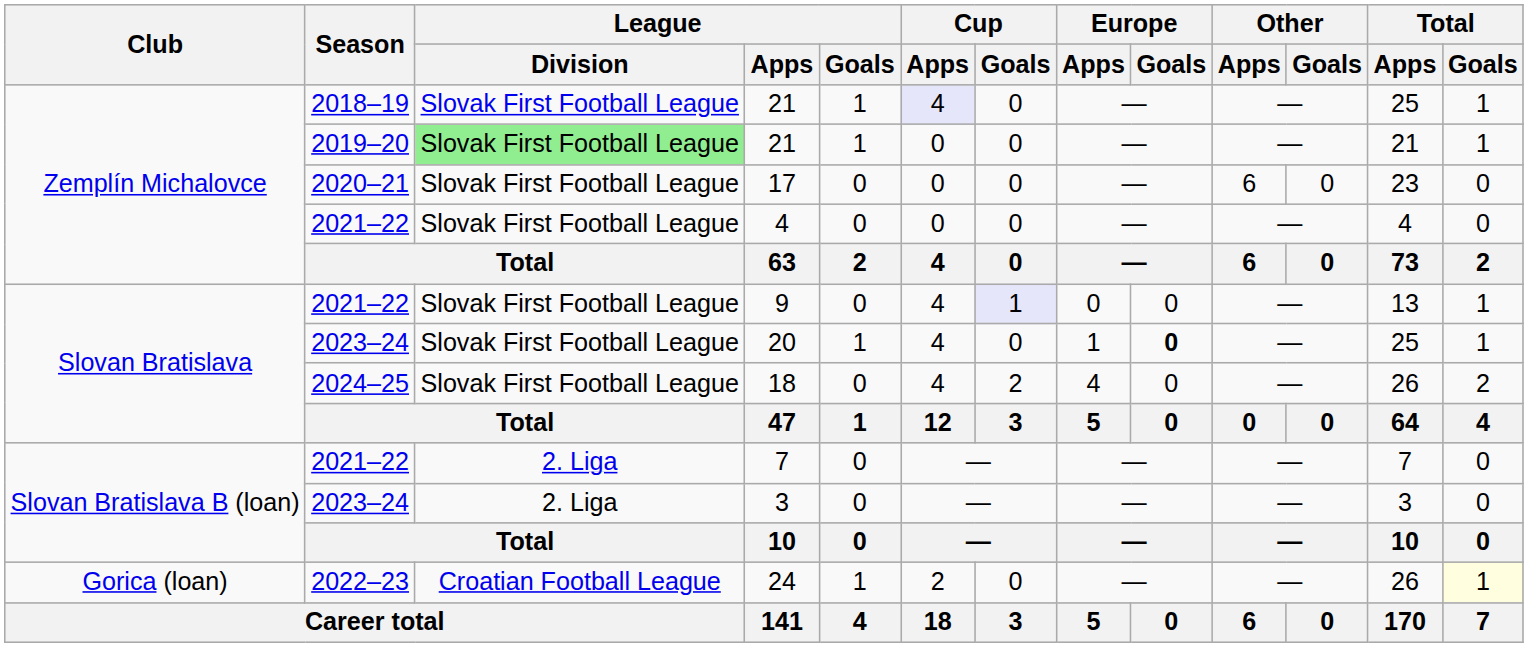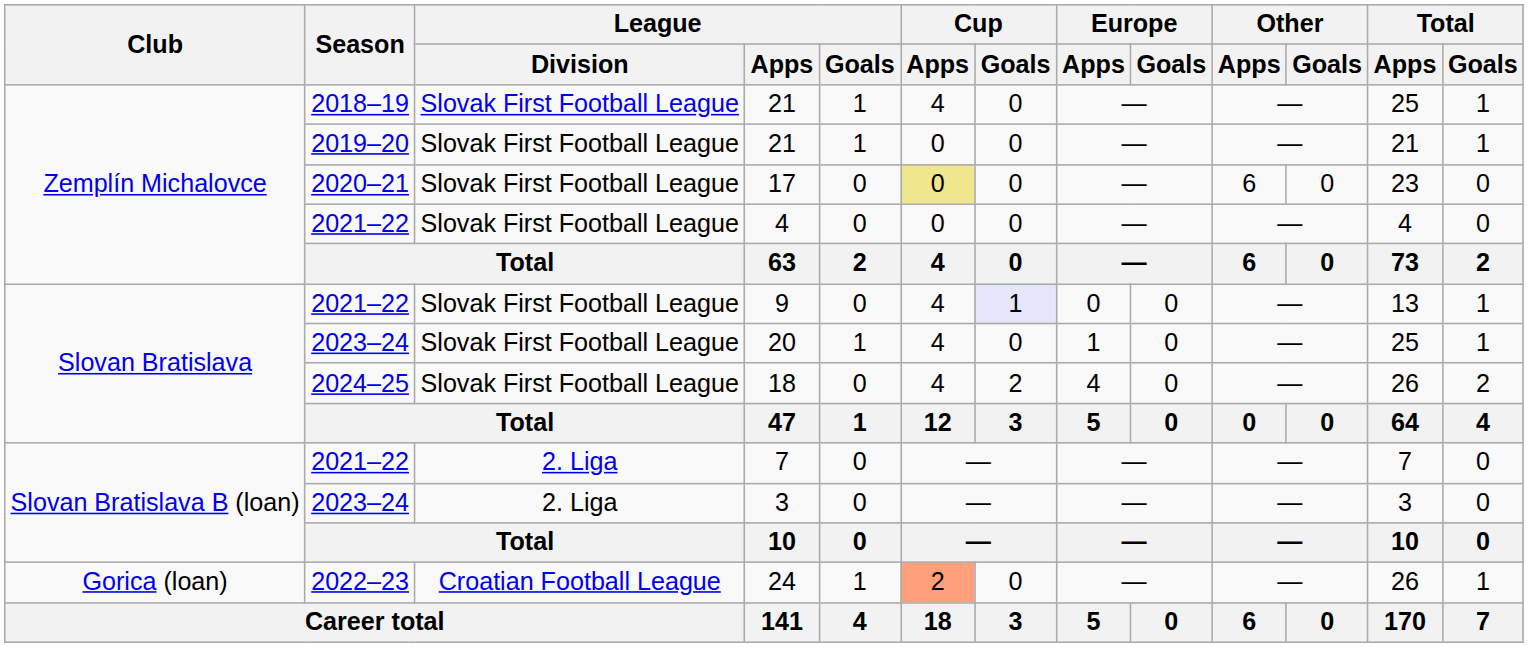 <table class="wikitable" style="text-align:center">
 <tr>
 <th rowspan="2">Club</th>
 <th rowspan="2">Season</th>
 <th colspan="3">League</th>
 <th colspan="2">Cup</th>
 <th colspan="2">Europe</th>
 <th colspan="2">Other</th>
 <th colspan="2">Total</th>
 </tr>
 <tr>
 <th>Division</th>
 <th>Apps</th>
 <th>Goals</th>
 <th>Apps</th>
 <th>Goals</th>
 <th>Apps</th>
 <th>Goals</th>
 <th>Apps</th>
 <th>Goals</th>
 <th>Apps</th>
 <th>Goals</th>
 </tr>
 <tr>
 <td rowspan="5"><a href='#'>Zemplín Michalovce</a></td>
 <td><a href='#'>2018–19</a></td>
 <td><a href='#'>Slovak First Football League</a></td>
 <td>21</td>
 <td>1</td>
-<td style="background: lavender;">4</td>
+<td>4</td>
 <td>0</td>
 <td colspan="2">—</td>
 <td colspan="2">—</td>
 <td>25</td>
 <td>1</td>
 </tr>
 <tr>
 <td><a href='#'>2019–20</a></td>
-<td style="background: lightgreen;">Slovak First Football League</td>
+<td>Slovak First Football League</td>
 <td>21</td>
 <td>1</td>
 <td>0</td>
 <td>0</td>
 <td colspan="2">—</td>
 <td colspan="2">—</td>
 <td>21</td>
 <td>1</td>
 </tr>
 <tr>
 <td><a href='#'>2020–21</a></td>
 <td>Slovak First Football League</td>
 <td>17</td>
 <td>0</td>
-<td>0</td>
+<td style="background: khaki;">0</td>
 <td>0</td>
 <td colspan="2">—</td>
 <td>6</td>
 <td>0</td>
 <td>23</td>
 <td>0</td>
 </tr>
 <tr>
 <td><a href='#'>2021–22</a></td>
 <td>Slovak First Football League</td>
 <td>4</td>
 <td>0</td>
 <td>0</td>
 <td>0</td>
 <td colspan="2">—</td>
 <td colspan="2">—</td>
 <td>4</td>
 <td>0</td>
 </tr>
 <tr>
 <th colspan="2">Total</th>
 <th>63</th>
 <th>2</th>
 <th>4</th>
 <th>0</th>
 <th colspan="2">—</th>
 <th>6</th>
 <th>0</th>
 <th>73</th>
 <th>2</th>
 </tr>
 <tr>
 <td rowspan="4"><a href='#'>Slovan Bratislava</a></td>
 <td><a href='#'>2021–22</a></td>
 <td>Slovak First Football League</td>
 <td>9</td>
 <td>0</td>
 <td>4</td>
 <td style="background: lavender;">1</td>
 <td>0</td>
 <td>0</td>
 <td colspan="2">—</td>
 <td>13</td>
 <td>1</td>
 </tr>
 <tr>
 <td><a href='#'>2023–24</a></td>
 <td>Slovak First Football League</td>
 <td>20</td>
 <td>1</td>
 <td>4</td>
 <td>0</td>
 <td>1</td>
-<td><strong>0</strong></td>
+<td>0</td>
 <td colspan="2">—</td>
 <td>25</td>
 <td>1</td>
 </tr>
 <tr>
 <td><a href='#'>2024–25</a></td>
 <td>Slovak First Football League</td>
 <td>18</td>
 <td>0</td>
 <td>4</td>
 <td>2</td>
 <td>4</td>
 <td>0</td>
 <td colspan="2">—</td>
 <td>26</td>
 <td>2</td>
 </tr>
 <tr>
 <th colspan="2">Total</th>
 <th>47</th>
 <th>1</th>
 <th>12</th>
 <th>3</th>
 <th>5</th>
 <th>0</th>
 <th>0</th>
 <th>0</th>
 <th>64</th>
 <th>4</th>
 </tr>
 <tr>
 <td rowspan="3"><a href='#'>Slovan Bratislava B</a> (loan)</td>
 <td><a href='#'>2021–22</a></td>
 <td><a href='#'>2. Liga</a></td>
 <td>7</td>
 <td>0</td>
 <td colspan="2">—</td>
 <td colspan="2">—</td>
 <td colspan="2">—</td>
 <td>7</td>
 <td>0</td>
 </tr>
 <tr>
 <td><a href='#'>2023–24</a></td>
 <td>2. Liga</td>
 <td>3</td>
 <td>0</td>
 <td colspan="2">—</td>
 <td colspan="2">—</td>
 <td colspan="2">—</td>
 <td>3</td>
 <td>0</td>
 </tr>
 <tr>
 <th colspan="2">Total</th>
 <th>10</th>
 <th>0</th>
 <th colspan="2">—</th>
 <th colspan="2">—</th>
 <th colspan="2">—</th>
 <th>10</th>
 <th>0</th>
 </tr>
 <tr>
 <td><a href='#'>Gorica</a> (loan)</td>
 <td><a href='#'>2022–23</a></td>
 <td><a href='#'>Croatian Football League</a></td>
 <td>24</td>
 <td>1</td>
-<td>2</td>
+<td style="background: lightsalmon;">2</td>
 <td>0</td>
 <td colspan="2">—</td>
 <td colspan="2">—</td>
 <td>26</td>
-<td style="background: lightyellow;">1</td>
+<td>1</td>
 </tr>
 <tr>
 <th colspan="3">Career total</th>
 <th>141</th>
 <th>4</th>
 <th>18</th>
 <th>3</th>
 <th>5</th>
 <th>0</th>
 <th>6</th>
 <th>0</th>
 <th>170</th>
 <th>7</th>
 </tr>
 </table>
